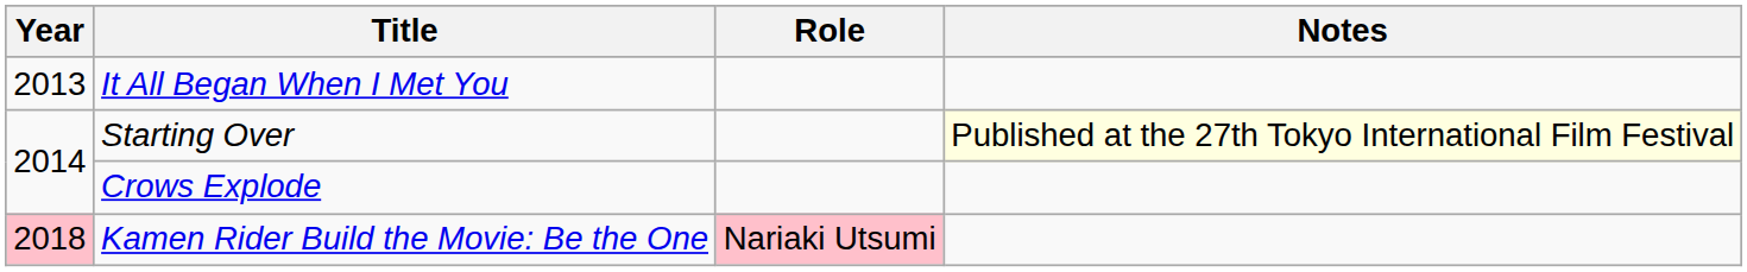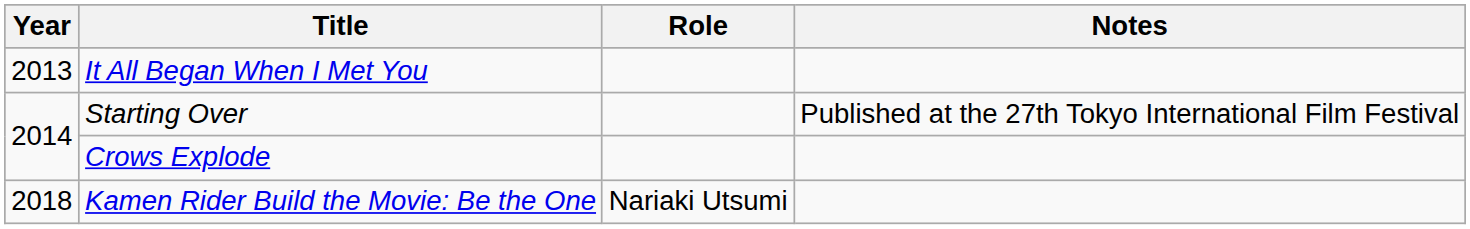 <table class="wikitable">
 <tr>
 <th>Year</th>
 <th>Title</th>
 <th>Role</th>
 <th>Notes</th>
 </tr>
 <tr>
 <td>2013</td>
 <td><em><a href='#'>It All Began When I Met You</a></em></td>
 <td></td>
 <td></td>
 </tr>
 <tr>
 <td rowspan="2">2014</td>
 <td><em>Starting Over</em></td>
 <td></td>
-<td style="background: lightyellow;">Published at the 27th Tokyo International Film Festival</td>
+<td>Published at the 27th Tokyo International Film Festival</td>
 </tr>
 <tr>
 <td><em><a href='#'>Crows Explode</a></em></td>
 <td></td>
 <td></td>
 </tr>
 <tr>
-<td style="background: pink;">2018</td>
+<td>2018</td>
 <td><em><a href='#'>Kamen Rider Build the Movie: Be the One</a></em></td>
-<td style="background: pink;">Nariaki Utsumi</td>
+<td>Nariaki Utsumi</td>
 <td></td>
 </tr>
 </table>
